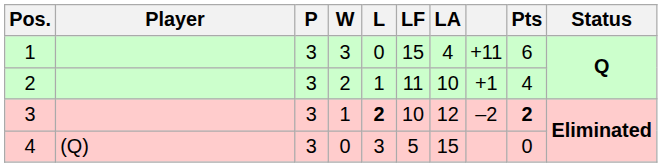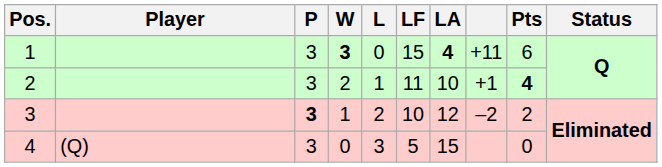 <table class="wikitable" style="text-align:center; margin: 1em auto 1em auto, align:left">
 <tr>
 <th width=20>Pos.</th>
 <th width=185>Player</th>
 <th width=20>P</th>
 <th width=20>W</th>
 <th width=20>L</th>
 <th width=20>LF</th>
 <th width=20>LA</th>
 <th width=25></th>
 <th width=20>Pts</th>
 <th width=70>Status</th>
 </tr>
 <tr style="background:#CCFFCC;">
 <td>1</td>
 <td style="text-align:left"></td>
 <td>3</td>
-<td>3</td>
+<td><strong>3</strong></td>
 <td>0</td>
 <td>15</td>
-<td>4</td>
+<td><strong>4</strong></td>
 <td>+11</td>
 <td>6</td>
 <td rowspan=2><strong>Q</strong></td>
 </tr>
 <tr style="background:#CCFFCC;">
 <td>2</td>
 <td style="text-align:left"></td>
 <td>3</td>
 <td>2</td>
 <td>1</td>
 <td>11</td>
 <td>10</td>
 <td>+1</td>
-<td>4</td>
+<td><strong>4</strong></td>
 </tr>
 <tr style="background:#FFCCCC;">
 <td>3</td>
 <td style="text-align:left"></td>
-<td>3</td>
+<td><strong>3</strong></td>
 <td>1</td>
-<td><strong>2</strong></td>
+<td>2</td>
 <td>10</td>
 <td>12</td>
 <td>–2</td>
-<td><strong>2</strong></td>
+<td>2</td>
 <td rowspan=2><strong>Eliminated</strong></td>
 </tr>
 <tr style="background:#FFCCCC;">
 <td>4</td>
 <td style="text-align:left"> (Q)</td>
 <td>3</td>
 <td>0</td>
 <td>3</td>
 <td>5</td>
 <td>15</td>
 <td></td>
 <td>0</td>
 </tr>
 </table>
